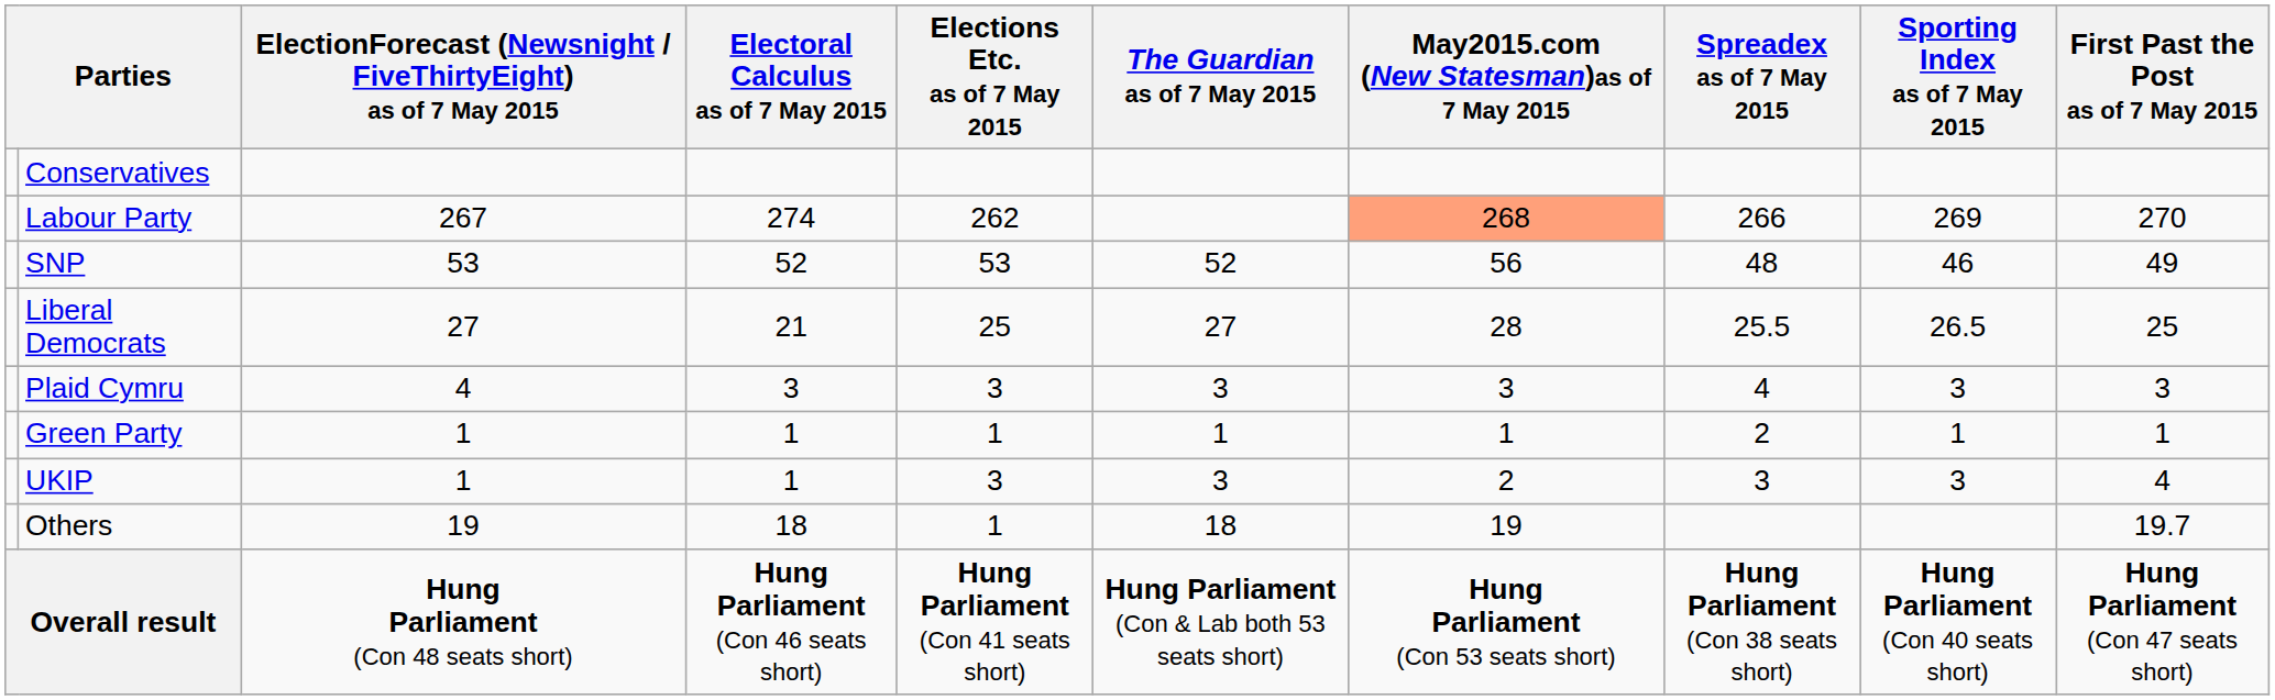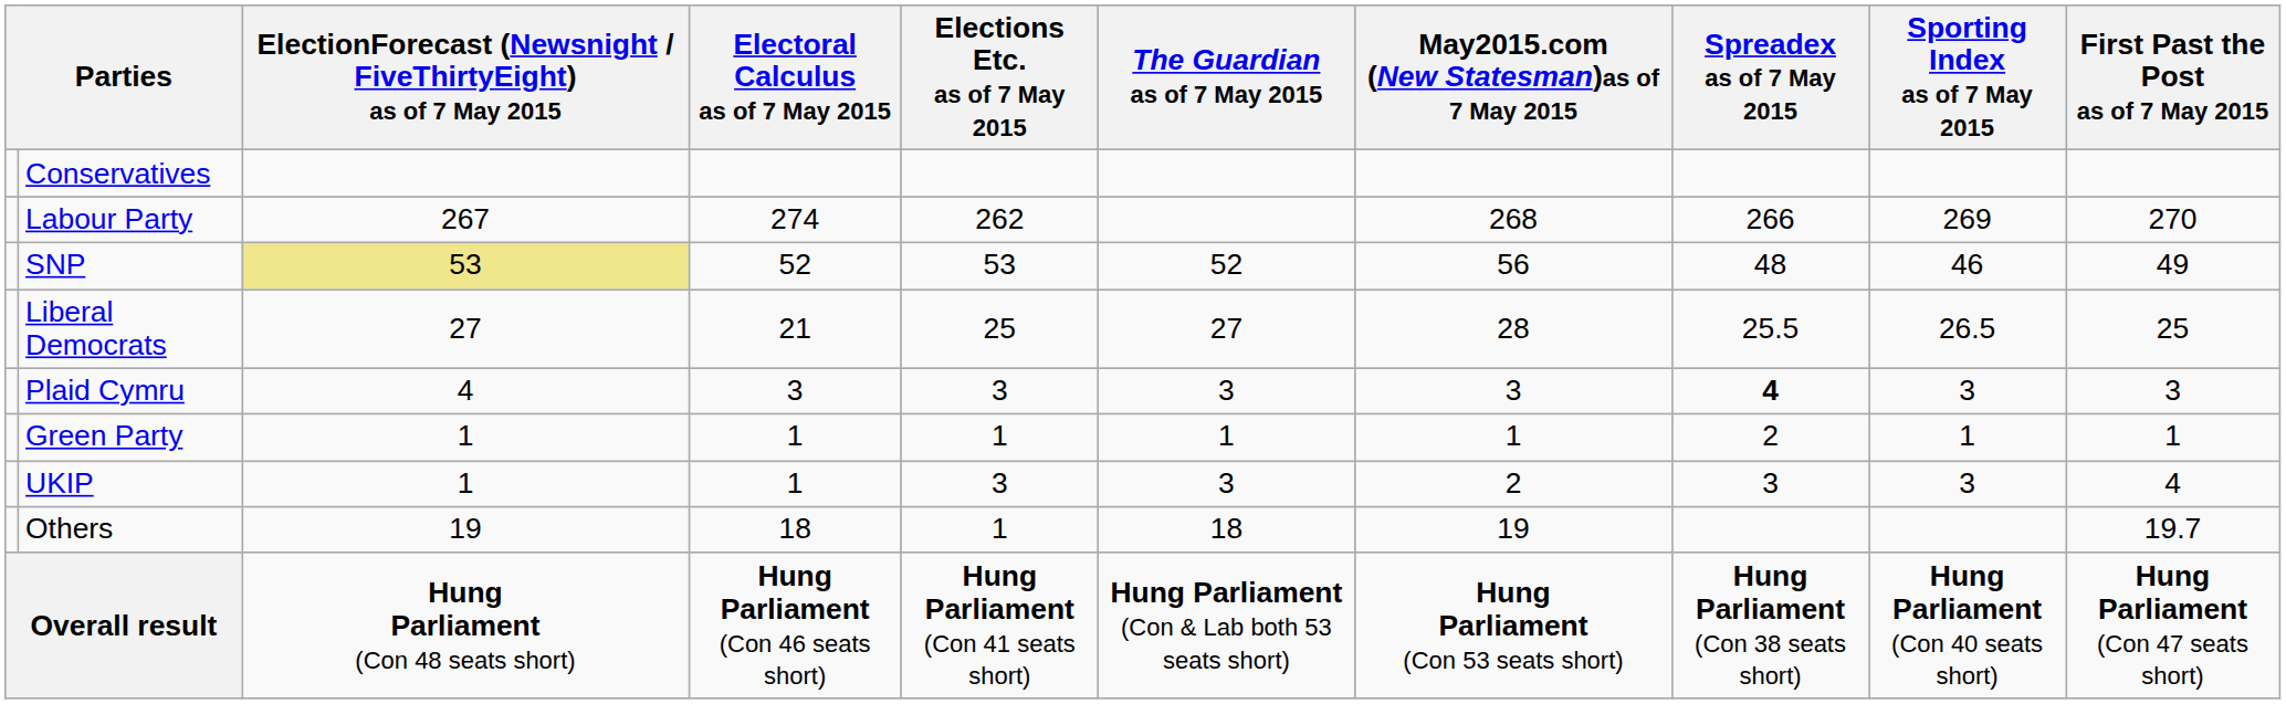 <table class="wikitable">
 <tr>
 <th colspan="2">Parties</th>
 <th>ElectionForecast (<a href='#'>Newsnight</a> / <a href='#'>FiveThirtyEight</a>)<br><small>as of 7 May 2015</small></th>
 <th><a href='#'>Electoral Calculus</a><br><small>as of 7 May 2015</small></th>
 <th>Elections Etc.<br><small>as of 7 May 2015</small></th>
 <th><em><a href='#'>The Guardian</a></em><br><small>as of 7 May 2015</small></th>
 <th>May2015.com<br>(<em><a href='#'>New Statesman</a></em>)<small>as of 7 May 2015</small></th>
 <th><a href='#'>Spreadex</a><br><small>as of 7 May 2015</small></th>
 <th><a href='#'>Sporting Index</a><br><small>as of 7 May 2015</small></th>
 <th>First Past the Post<br><small>as of 7 May 2015</small></th>
 </tr>
 <tr>
 <td></td>
 <td><a href='#'>Conservatives</a></td>
 <td></td>
 <td></td>
 <td></td>
 <td></td>
 <td></td>
 <td></td>
 <td></td>
 <td></td>
 </tr>
 <tr>
 <td></td>
 <td><a href='#'>Labour Party</a></td>
 <td style="text-align:center;">267</td>
 <td style="text-align:center;">274</td>
 <td style="text-align:center;">262</td>
 <td></td>
-<td style="background: lightsalmon; text-align:center;">268</td>
+<td style="text-align:center;">268</td>
 <td style="text-align:center;">266</td>
 <td style="text-align:center;">269</td>
 <td style="text-align:center;">270</td>
 </tr>
 <tr>
 <td></td>
 <td><a href='#'>SNP</a></td>
-<td style="text-align:center;">53</td>
+<td style="background: khaki; text-align:center;">53</td>
 <td style="text-align:center;">52</td>
 <td style="text-align:center;">53</td>
 <td style="text-align:center;">52</td>
 <td style="text-align:center;">56</td>
 <td style="text-align:center;">48</td>
 <td style="text-align:center;">46</td>
 <td style="text-align:center;">49</td>
 </tr>
 <tr>
 <td></td>
 <td><a href='#'>Liberal Democrats</a></td>
 <td style="text-align:center;">27</td>
 <td style="text-align:center;">21</td>
 <td style="text-align:center;">25</td>
 <td style="text-align:center;">27</td>
 <td style="text-align:center;">28</td>
 <td style="text-align:center;">25.5</td>
 <td style="text-align:center;">26.5</td>
 <td style="text-align:center;">25</td>
 </tr>
 <tr>
 <td></td>
 <td><a href='#'>Plaid Cymru</a></td>
 <td style="text-align:center;">4</td>
 <td style="text-align:center;">3</td>
 <td style="text-align:center;">3</td>
 <td style="text-align:center;">3</td>
 <td style="text-align:center;">3</td>
-<td style="text-align:center;">4</td>
+<td style="text-align:center;"><strong>4</strong></td>
 <td style="text-align:center;">3</td>
 <td style="text-align:center;">3</td>
 </tr>
 <tr>
 <td></td>
 <td><a href='#'>Green Party</a></td>
 <td style="text-align:center;">1</td>
 <td style="text-align:center;">1</td>
 <td style="text-align:center;">1</td>
 <td style="text-align:center;">1</td>
 <td style="text-align:center;">1</td>
 <td style="text-align:center;">2</td>
 <td style="text-align:center;">1</td>
 <td style="text-align:center;">1</td>
 </tr>
 <tr>
 <td></td>
 <td><a href='#'>UKIP</a></td>
 <td style="text-align:center;">1</td>
 <td style="text-align:center;">1</td>
 <td style="text-align:center;">3</td>
 <td style="text-align:center;">3</td>
 <td style="text-align:center;">2</td>
 <td style="text-align:center;">3</td>
 <td style="text-align:center;">3</td>
 <td style="text-align:center;">4</td>
 </tr>
 <tr>
 <td></td>
 <td>Others</td>
 <td style="text-align:center;">19</td>
 <td style="text-align:center;">18</td>
 <td style="text-align:center;">1</td>
 <td style="text-align:center;">18</td>
 <td style="text-align:center;">19</td>
 <td></td>
 <td></td>
 <td style="text-align:center;">19.7</td>
 </tr>
 <tr>
 <th colspan="2">Overall result</th>
 <td style="text-align:center; color:"><strong>Hung <br> Parliament</strong> <br> <small>(Con 48 seats short)</small></td>
 <td style="text-align:center; color:"><strong>Hung <br> Parliament</strong> <br> <small>(Con 46 seats short)</small></td>
 <td style="text-align:center; color:"><strong>Hung <br> Parliament</strong> <br> <small>(Con 41 seats short)</small></td>
 <td style="text-align:center; "><strong>Hung  Parliament</strong> <br> <small>(Con & Lab both 53 seats short)</small></td>
 <td style="text-align:center; color:"><strong>Hung <br> Parliament</strong> <br> <small>(Con 53 seats short)</small></td>
 <td style="text-align:center; color:"><strong>Hung <br> Parliament</strong> <br> <small>(Con 38 seats short)</small></td>
 <td style="text-align:center; color:"><strong>Hung <br> Parliament</strong> <br> <small>(Con 40 seats short)</small></td>
 <td style="text-align:center; color:"><strong>Hung <br> Parliament</strong> <br> <small>(Con 47 seats short)</small></td>
 </tr>
 </table>
